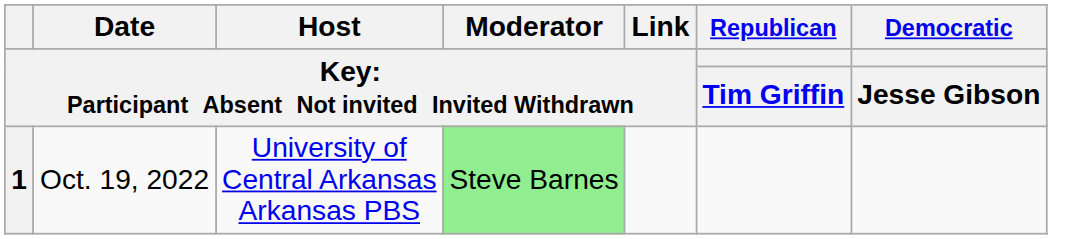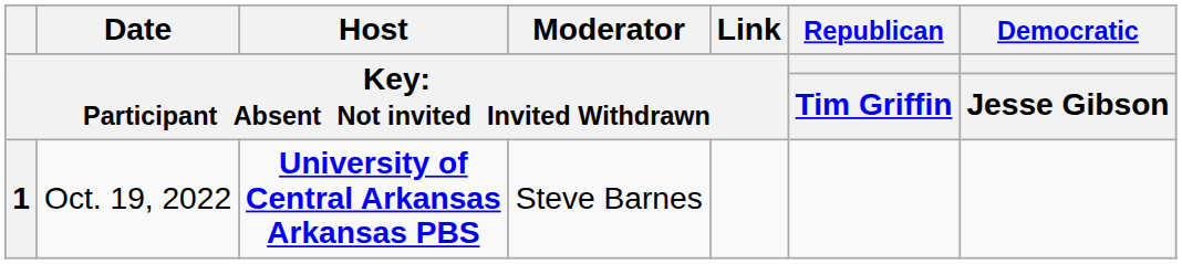 <table class="wikitable" style="text-align:center;">
 <tr>
 <th scope="col"></th>
 <th scope="col">Date</th>
 <th scope="col">Host</th>
 <th scope="col">Moderator</th>
 <th scope="col">Link</th>
 <th scope="col"><small><a href='#'>Republican</a></small></th>
 <th scope="col"><small><a href='#'>Democratic</a></small></th>
 </tr>
 <tr>
 <th colspan="5" rowspan="2">Key:<br> <small>Participant </small>  <small>Absent </small>  <small>Not invited </small>  <small>Invited  Withdrawn</small></th>
 <th scope="col" style="background:"></th>
 <th scope="col" style="background:"></th>
 </tr>
 <tr>
 <th scope="col"><a href='#'>Tim Griffin</a></th>
 <th scope="col">Jesse Gibson</th>
 </tr>
 <tr>
 <th>1</th>
 <td style="white-space:nowrap;">Oct. 19, 2022</td>
-<td style="white-space:nowrap;"><a href='#'>University of</a><br><a href='#'>Central Arkansas</a><br><a href='#'>Arkansas PBS</a></td>
-<td style="background: lightgreen; white-space:nowrap;">Steve Barnes</td>
+<td style="white-space:nowrap;"><strong><a href='#'>University of</a><br><a href='#'>Central Arkansas</a><br><a href='#'>Arkansas PBS</a></strong></td>
+<td style="white-space:nowrap;">Steve Barnes</td>
 <td style="white-space:nowrap;"></td>
 <td></td>
 <td></td>
 </tr>
 </table>
